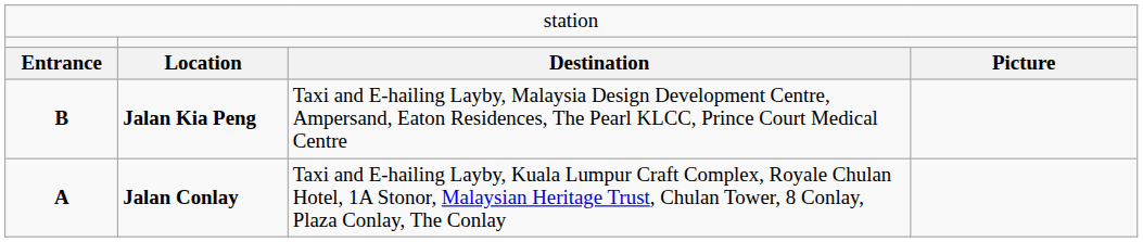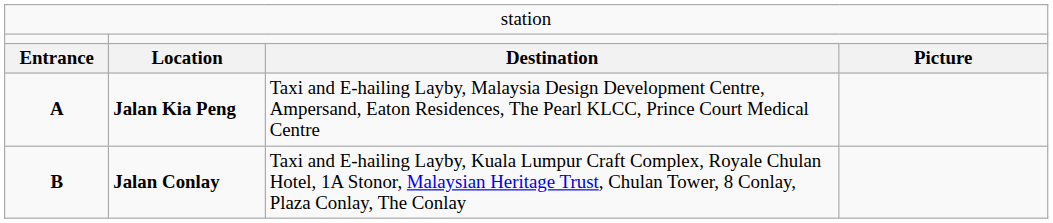 <table class="wikitable" style="width:70%">
 <tr>
 <td colspan="4" align="center"> station</td>
 </tr>
 <tr>
 <td></td>
 </tr>
 <tr>
 <th style="width:10%">Entrance</th>
 <th style="width:15%">Location</th>
 <th style="width:55%">Destination</th>
 <th style="width:20%">Picture</th>
 </tr>
 <tr>
-<td align="center"><strong><span>B</span></strong></td>
+<td align="center"><strong><span>A</span></strong></td>
 <td><strong>Jalan Kia Peng</strong></td>
 <td>Taxi and E-hailing Layby, Malaysia Design Development Centre, Ampersand, Eaton Residences, The Pearl KLCC, Prince Court Medical Centre</td>
 <td></td>
 </tr>
 <tr>
-<td align="center"><strong><span>A</span></strong></td>
+<td align="center"><strong><span>B</span></strong></td>
 <td><strong>Jalan Conlay</strong></td>
 <td>Taxi and E-hailing Layby, Kuala Lumpur Craft Complex, Royale Chulan Hotel, 1A Stonor, <a href='#'>Malaysian Heritage Trust</a>, Chulan Tower, 8 Conlay, Plaza Conlay, The Conlay</td>
 <td></td>
 </tr>
 </table>
